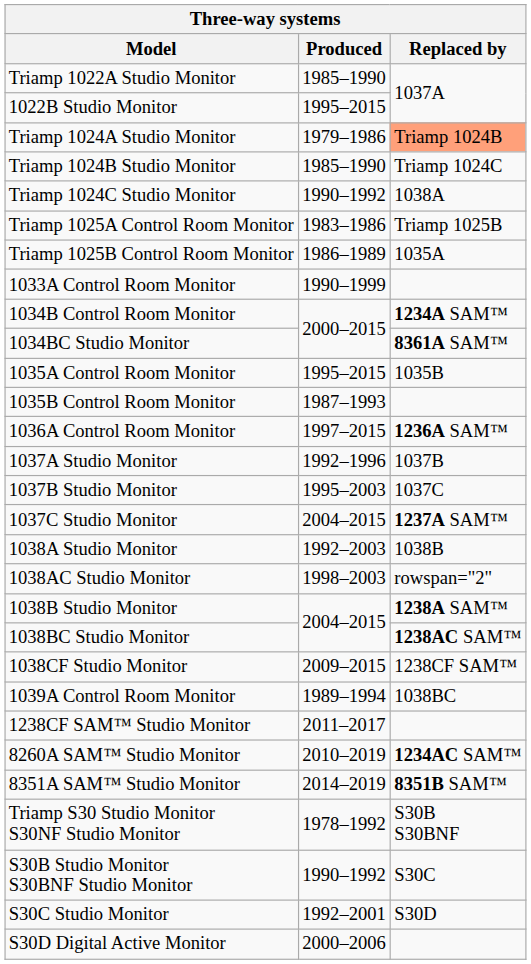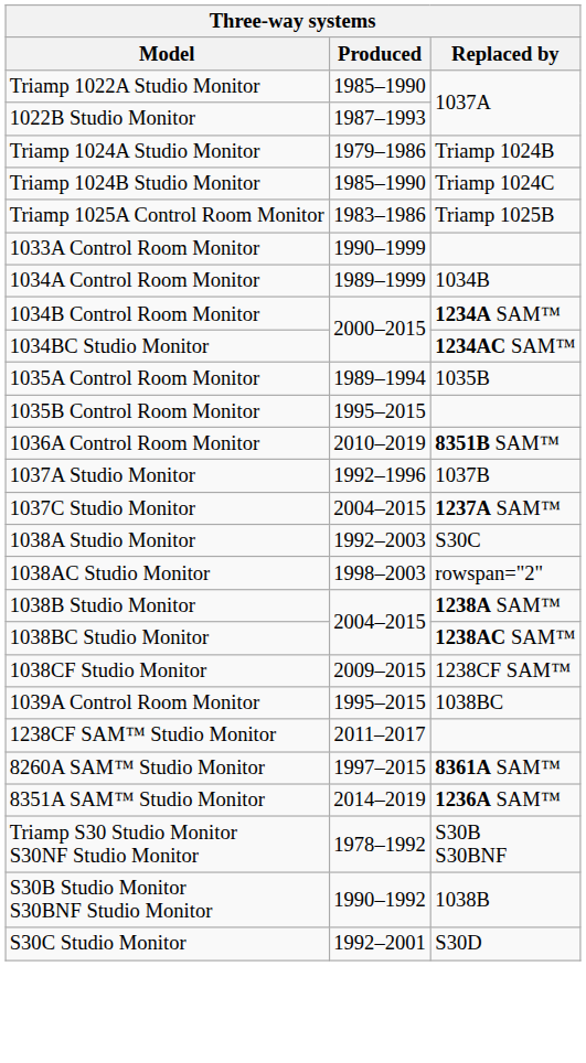 <table class="wikitable sortable mw-collapsible mw-collapsed" style="display: inline-table; margin-top: 0px; margin-bottom: 15px; margin-left: 2.5px; margin-right: 2.5px;">
 <tr>
 <th colspan="3">Three-way systems</th>
 </tr>
 <tr>
 <th>Model</th>
 <th>Produced</th>
 <th>Replaced by</th>
 </tr>
 <tr>
 <td data-sort-value="1022A">Triamp 1022A Studio Monitor</td>
 <td style="text-align: center;">1985–1990</td>
 <td rowspan="2">1037A</td>
 </tr>
 <tr>
 <td>1022B Studio Monitor</td>
-<td style="text-align: center;">1995–2015</td>
+<td style="text-align: center;">1987–1993</td>
 </tr>
 <tr>
 <td data-sort-value="1024A">Triamp 1024A Studio Monitor</td>
 <td style="text-align: center;">1979–1986</td>
-<td data-sort-value="1024B" style="background: lightsalmon;">Triamp 1024B</td>
+<td data-sort-value="1024B">Triamp 1024B</td>
 </tr>
 <tr>
 <td data-sort-value="1024B">Triamp 1024B Studio Monitor</td>
 <td style="text-align: center;">1985–1990</td>
 <td data-sort-value="1024C">Triamp 1024C</td>
 </tr>
 <tr>
-<td data-sort-value="1024C">Triamp 1024C Studio Monitor</td>
-<td style="text-align: center;">1990–1992</td>
-<td>1038A</td>
-</tr>
-<tr>
 <td data-sort-value="1025A">Triamp 1025A Control Room Monitor</td>
 <td style="text-align: center;">1983–1986</td>
 <td data-sort-value="1025B">Triamp 1025B</td>
 </tr>
 <tr>
-<td data-sort-value="1025B">Triamp 1025B Control Room Monitor</td>
-<td style="text-align: center;">1986–1989</td>
-<td>1035A</td>
-</tr>
-<tr>
 <td>1033A Control Room Monitor</td>
 <td style="text-align: center;">1990–1999</td>
 <td></td>
+</tr>
+<tr>
+<td>1034A Control Room Monitor</td>
+<td style="text-align: center;">1989–1999</td>
+<td>1034B</td>
 </tr>
 <tr>
 <td>1034B Control Room Monitor</td>
 <td style="text-align: center;" rowspan="2">2000–2015</td>
 <td><strong>1234A</strong> SAM™</td>
 </tr>
 <tr>
 <td>1034BC Studio Monitor</td>
-<td><strong>8361A</strong> SAM™</td>
+<td><strong>1234AC</strong> SAM™</td>
 </tr>
 <tr>
 <td>1035A Control Room Monitor</td>
-<td style="text-align: center;">1995–2015</td>
+<td style="text-align: center;">1989–1994</td>
 <td>1035B</td>
 </tr>
 <tr>
 <td>1035B Control Room Monitor</td>
-<td style="text-align: center;">1987–1993</td>
+<td style="text-align: center;">1995–2015</td>
 <td></td>
 </tr>
 <tr>
 <td>1036A Control Room Monitor</td>
-<td style="text-align: center;">1997–2015</td>
-<td><strong>1236A</strong> SAM™</td>
+<td style="text-align: center;">2010–2019</td>
+<td><strong>8351B</strong> SAM™</td>
 </tr>
 <tr>
 <td>1037A Studio Monitor</td>
 <td style="text-align: center;">1992–1996</td>
 <td>1037B</td>
-</tr>
-<tr>
-<td>1037B Studio Monitor</td>
-<td style="text-align: center;">1995–2003</td>
-<td>1037C</td>
 </tr>
 <tr>
 <td>1037C Studio Monitor</td>
 <td style="text-align: center;">2004–2015</td>
 <td><strong>1237A</strong> SAM™</td>
 </tr>
 <tr>
 <td>1038A Studio Monitor</td>
 <td style="text-align: center;">1992–2003</td>
-<td>1038B</td>
+<td>S30C</td>
 </tr>
 <tr>
 <td>1038AC Studio Monitor</td>
 <td style="text-align: center;">1998–2003</td>
 <td>rowspan="2" </td>
 </tr>
 <tr>
 <td>1038B Studio Monitor</td>
 <td style="text-align: center;" rowspan="2">2004–2015</td>
 <td><strong>1238A</strong> SAM™</td>
 </tr>
 <tr>
 <td>1038BC Studio Monitor</td>
 <td><strong>1238AC</strong> SAM™</td>
 </tr>
 <tr>
 <td>1038CF Studio Monitor</td>
 <td style="text-align: center;">2009–2015</td>
 <td>1238CF SAM™</td>
 </tr>
 <tr>
 <td>1039A Control Room Monitor</td>
-<td style="text-align: center;">1989–1994</td>
+<td style="text-align: center;">1995–2015</td>
 <td>1038BC</td>
 </tr>
 <tr>
 <td>1238CF SAM™ Studio Monitor</td>
 <td style="text-align: center;">2011–2017</td>
 </tr>
 <tr>
 <td>8260A SAM™ Studio Monitor</td>
-<td style="text-align: center;">2010–2019</td>
-<td><strong>1234AC</strong> SAM™</td>
+<td style="text-align: center;">1997–2015</td>
+<td><strong>8361A</strong> SAM™</td>
 </tr>
 <tr>
 <td>8351A SAM™ Studio Monitor</td>
 <td style="text-align: center;">2014–2019</td>
-<td><strong>8351B</strong> SAM™</td>
+<td><strong>1236A</strong> SAM™</td>
 </tr>
 <tr>
 <td data-sort-value="S30">Triamp S30 Studio Monitor<br>S30NF Studio Monitor</td>
 <td style="text-align: center;">1978–1992</td>
 <td>S30B<br>S30BNF</td>
 </tr>
 <tr>
 <td>S30B Studio Monitor<br>S30BNF Studio Monitor</td>
 <td style="text-align: center;">1990–1992</td>
-<td>S30C</td>
+<td>1038B</td>
 </tr>
 <tr>
 <td>S30C Studio Monitor</td>
 <td style="text-align: center;">1992–2001</td>
 <td>S30D</td>
 </tr>
-<tr>
-<td>S30D Digital Active Monitor</td>
-<td style="text-align: center;">2000–2006</td>
-<td></td>
-</tr>
 </table>
